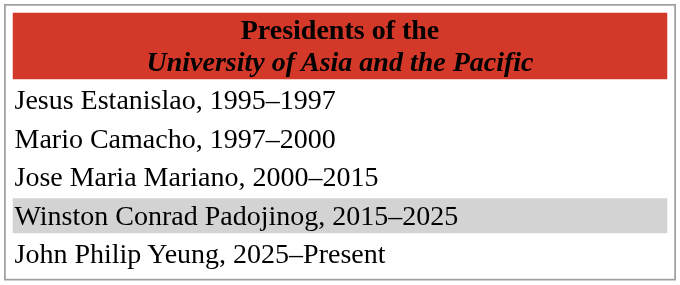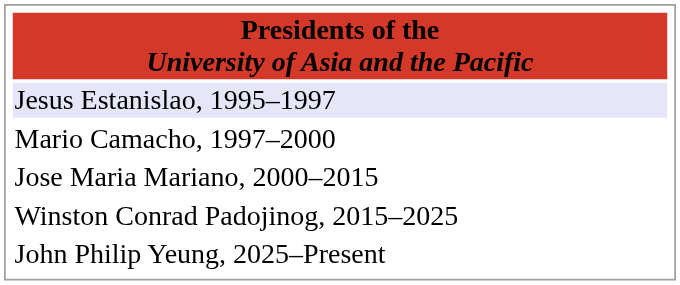 <table style="float:right; margin:1em; width:24em; border:1px solid #a0a0a0; padding:2px; bg-color=yellow; text-align:left;">
 <tr style="background:#d33829; text-align:center;">
 <td><span><strong>Presidents of the<br><em>University of Asia and the Pacific<strong><em></span></td>
 </tr>
 <tr>
-<td>Jesus Estanislao, 1995–1997</td>
+<td style="background: lavender;">Jesus Estanislao, 1995–1997</td>
 </tr>
 <tr>
 <td>Mario Camacho, 1997–2000</td>
 </tr>
 <tr>
 <td>Jose Maria Mariano, 2000–2015</td>
 </tr>
 <tr>
-<td style="background: lightgrey;">Winston Conrad Padojinog, 2015–2025</td>
+<td>Winston Conrad Padojinog, 2015–2025</td>
 </tr>
 <tr>
 <td>John Philip Yeung, 2025–Present</td>
 </tr>
 </table>
